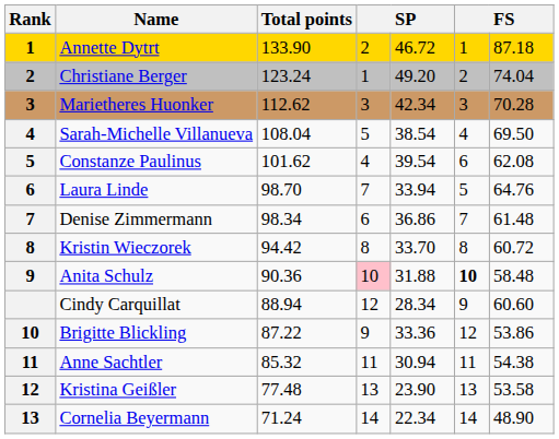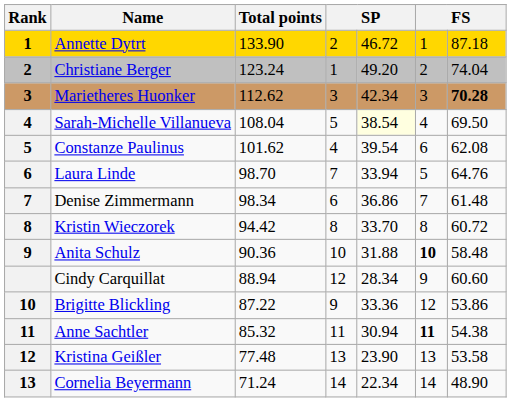 <table class="wikitable">
 <tr>
 <th>Rank</th>
 <th>Name</th>
 <th>Total points</th>
 <th colspan="2" width="80px">SP</th>
 <th colspan="2" width="80px">FS</th>
 </tr>
 <tr bgcolor="gold">
 <td align="center"><strong>1</strong></td>
 <td><a href='#'>Annette Dytrt</a></td>
 <td>133.90</td>
 <td>2</td>
 <td>46.72</td>
 <td>1</td>
 <td>87.18</td>
 </tr>
 <tr bgcolor="silver">
 <td align="center"><strong>2</strong></td>
 <td><a href='#'>Christiane Berger</a></td>
 <td>123.24</td>
 <td>1</td>
 <td>49.20</td>
 <td>2</td>
 <td>74.04</td>
 </tr>
 <tr bgcolor="cc9966">
 <td align="center"><strong>3</strong></td>
 <td><a href='#'>Marietheres Huonker</a></td>
 <td>112.62</td>
 <td>3</td>
 <td>42.34</td>
 <td>3</td>
-<td>70.28</td>
+<td><strong>70.28</strong></td>
 </tr>
 <tr>
 <th>4</th>
 <td><a href='#'>Sarah-Michelle Villanueva</a></td>
 <td>108.04</td>
 <td>5</td>
-<td>38.54</td>
+<td style="background: lightyellow;">38.54</td>
 <td>4</td>
 <td>69.50</td>
 </tr>
 <tr>
 <th>5</th>
 <td><a href='#'>Constanze Paulinus</a></td>
 <td>101.62</td>
 <td>4</td>
 <td>39.54</td>
 <td>6</td>
 <td>62.08</td>
 </tr>
 <tr>
 <th>6</th>
 <td><a href='#'>Laura Linde</a></td>
 <td>98.70</td>
 <td>7</td>
 <td>33.94</td>
 <td>5</td>
 <td>64.76</td>
 </tr>
 <tr>
 <th>7</th>
 <td>Denise Zimmermann</td>
 <td>98.34</td>
 <td>6</td>
 <td>36.86</td>
 <td>7</td>
 <td>61.48</td>
 </tr>
 <tr>
 <th>8</th>
 <td><a href='#'>Kristin Wieczorek</a></td>
 <td>94.42</td>
 <td>8</td>
 <td>33.70</td>
 <td>8</td>
 <td>60.72</td>
 </tr>
 <tr>
 <th>9</th>
 <td><a href='#'>Anita Schulz</a></td>
 <td>90.36</td>
-<td style="background: pink;">10</td>
+<td>10</td>
 <td>31.88</td>
 <td><strong>10</strong></td>
 <td>58.48</td>
 </tr>
 <tr>
 <th></th>
 <td> Cindy Carquillat</td>
 <td>88.94</td>
 <td>12</td>
 <td>28.34</td>
 <td>9</td>
 <td>60.60</td>
 </tr>
 <tr>
 <th>10</th>
 <td><a href='#'>Brigitte Blickling</a></td>
 <td>87.22</td>
 <td>9</td>
 <td>33.36</td>
 <td>12</td>
 <td>53.86</td>
 </tr>
 <tr>
 <th>11</th>
 <td><a href='#'>Anne Sachtler</a></td>
 <td>85.32</td>
 <td>11</td>
 <td>30.94</td>
-<td>11</td>
+<td><strong>11</strong></td>
 <td>54.38</td>
 </tr>
 <tr>
 <th>12</th>
 <td><a href='#'>Kristina Geißler</a></td>
 <td>77.48</td>
 <td>13</td>
 <td>23.90</td>
 <td>13</td>
 <td>53.58</td>
 </tr>
 <tr>
 <th>13</th>
 <td><a href='#'>Cornelia Beyermann</a></td>
 <td>71.24</td>
 <td>14</td>
 <td>22.34</td>
 <td>14</td>
 <td>48.90</td>
 </tr>
 </table>
